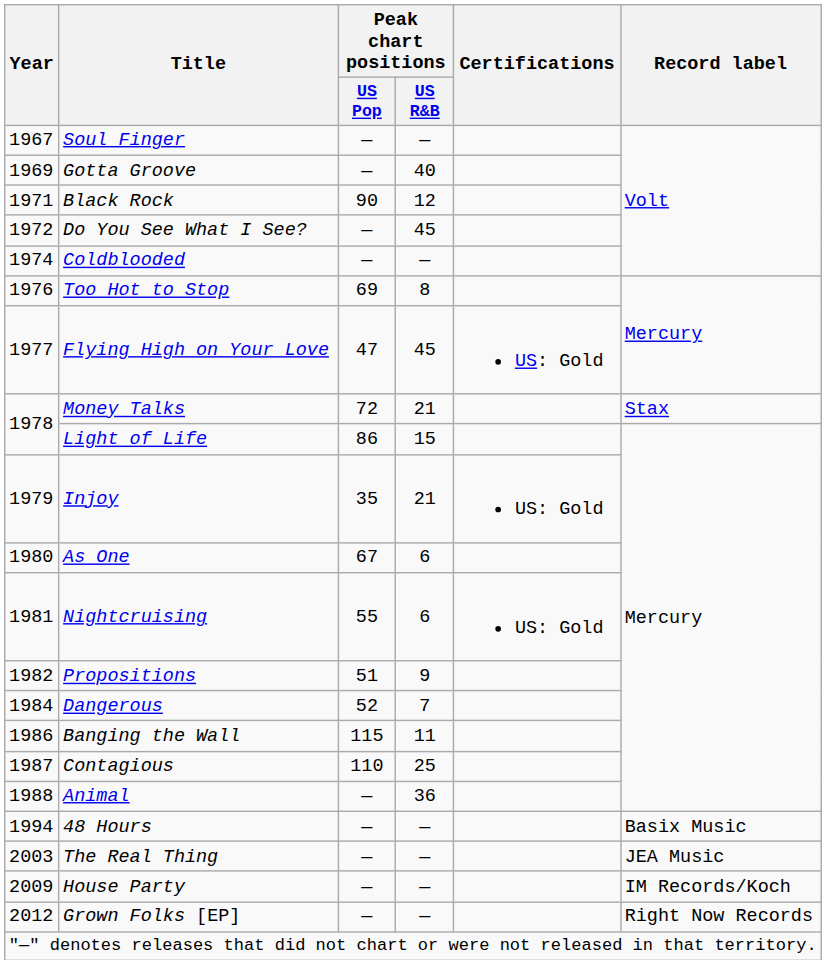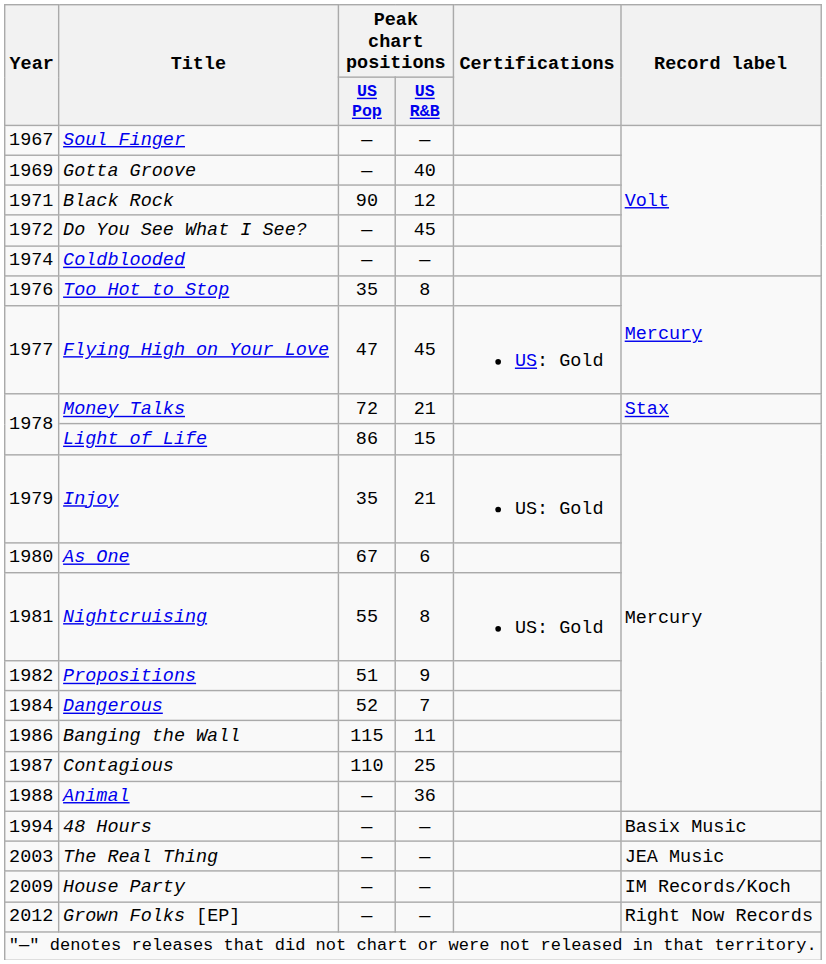 <table class="wikitable">
 <tr>
 <th align="center" valign="middle" rowspan="2">Year</th>
 <th align="center" valign="middle" rowspan="2">Title</th>
 <th align="center" valign="middle" colspan="2">Peak chart positions</th>
 <th align="center" valign="middle" rowspan="2">Certifications</th>
 <th align="center" valign="middle" rowspan="2">Record label</th>
 </tr>
 <tr>
 <th scope="col" style="width:3em;font-size:90%;"><a href='#'>US Pop</a><br></th>
 <th scope="col" style="width:3em;font-size:90%;"><a href='#'>US R&B</a><br></th>
 </tr>
 <tr>
 <td>1967</td>
 <td><em><a href='#'>Soul Finger</a></em></td>
 <td align="center">—</td>
 <td align="center">—</td>
 <td></td>
 <td rowspan="5"><a href='#'>Volt</a></td>
 </tr>
 <tr>
 <td>1969</td>
 <td><em>Gotta Groove</em></td>
 <td align="center">—</td>
 <td align="center">40</td>
 <td></td>
 </tr>
 <tr>
 <td>1971</td>
 <td><em>Black Rock</em></td>
 <td align="center">90</td>
 <td align="center">12</td>
 <td></td>
 </tr>
 <tr>
 <td>1972</td>
 <td><em>Do You See What I See?</em></td>
 <td align="center">—</td>
 <td align="center">45</td>
 <td></td>
 </tr>
 <tr>
 <td>1974</td>
 <td><em><a href='#'>Coldblooded</a></em></td>
 <td align="center">—</td>
 <td align="center">—</td>
 <td></td>
 </tr>
 <tr>
 <td>1976</td>
 <td><em><a href='#'>Too Hot to Stop</a></em></td>
-<td align="center">69</td>
+<td align="center">35</td>
 <td align="center">8</td>
 <td></td>
 <td rowspan="2"><a href='#'>Mercury</a></td>
 </tr>
 <tr>
 <td>1977</td>
 <td><em><a href='#'>Flying High on Your Love</a></em></td>
 <td align="center">47</td>
 <td align="center">45</td>
 <td><br><ul><li><a href='#'>US</a>: Gold</li></ul></td>
 </tr>
 <tr>
 <td rowspan="2">1978</td>
 <td><em><a href='#'>Money Talks</a></em></td>
 <td align="center">72</td>
 <td align="center">21</td>
 <td></td>
 <td><a href='#'>Stax</a></td>
 </tr>
 <tr>
 <td><em><a href='#'>Light of Life</a></em></td>
 <td align="center">86</td>
 <td align="center">15</td>
 <td></td>
 <td rowspan="9">Mercury</td>
 </tr>
 <tr>
 <td>1979</td>
 <td><em><a href='#'>Injoy</a></em></td>
 <td align="center">35</td>
 <td align="center">21</td>
 <td><br><ul><li>US: Gold</li></ul></td>
 </tr>
 <tr>
 <td>1980</td>
 <td><em><a href='#'>As One</a></em></td>
 <td align="center">67</td>
 <td align="center">6</td>
 <td></td>
 </tr>
 <tr>
 <td>1981</td>
 <td><em><a href='#'>Nightcruising</a></em></td>
 <td align="center">55</td>
-<td align="center">6</td>
+<td align="center">8</td>
 <td><br><ul><li>US: Gold</li></ul></td>
 </tr>
 <tr>
 <td>1982</td>
 <td><em><a href='#'>Propositions</a></em></td>
 <td align="center">51</td>
 <td align="center">9</td>
 <td></td>
 </tr>
 <tr>
 <td>1984</td>
 <td><em><a href='#'>Dangerous</a></em></td>
 <td align="center">52</td>
 <td align="center">7</td>
 <td></td>
 </tr>
 <tr>
 <td>1986</td>
 <td><em>Banging the Wall</em></td>
 <td align="center">115</td>
 <td align="center">11</td>
 <td></td>
 </tr>
 <tr>
 <td>1987</td>
 <td><em>Contagious</em></td>
 <td align="center">110</td>
 <td align="center">25</td>
 <td></td>
 </tr>
 <tr>
 <td>1988</td>
 <td><em><a href='#'>Animal</a></em></td>
 <td align="center">—</td>
 <td align="center">36</td>
 <td></td>
 </tr>
 <tr>
 <td>1994</td>
 <td><em>48 Hours</em></td>
 <td align="center">—</td>
 <td align="center">—</td>
 <td></td>
 <td>Basix Music</td>
 </tr>
 <tr>
 <td>2003</td>
 <td><em>The Real Thing</em></td>
 <td align="center">—</td>
 <td align="center">—</td>
 <td></td>
 <td>JEA Music</td>
 </tr>
 <tr>
 <td>2009</td>
 <td><em>House Party</em></td>
 <td align="center">—</td>
 <td align="center">—</td>
 <td></td>
 <td>IM Records/Koch</td>
 </tr>
 <tr>
 <td>2012</td>
 <td><em>Grown Folks</em> [EP]</td>
 <td align="center">—</td>
 <td align="center">—</td>
 <td></td>
 <td>Right Now Records</td>
 </tr>
 <tr>
 <td colspan="7" style="text-align:center; font-size:9pt;">"—" denotes releases that did not chart or were not released in that territory.</td>
 </tr>
 </table>
